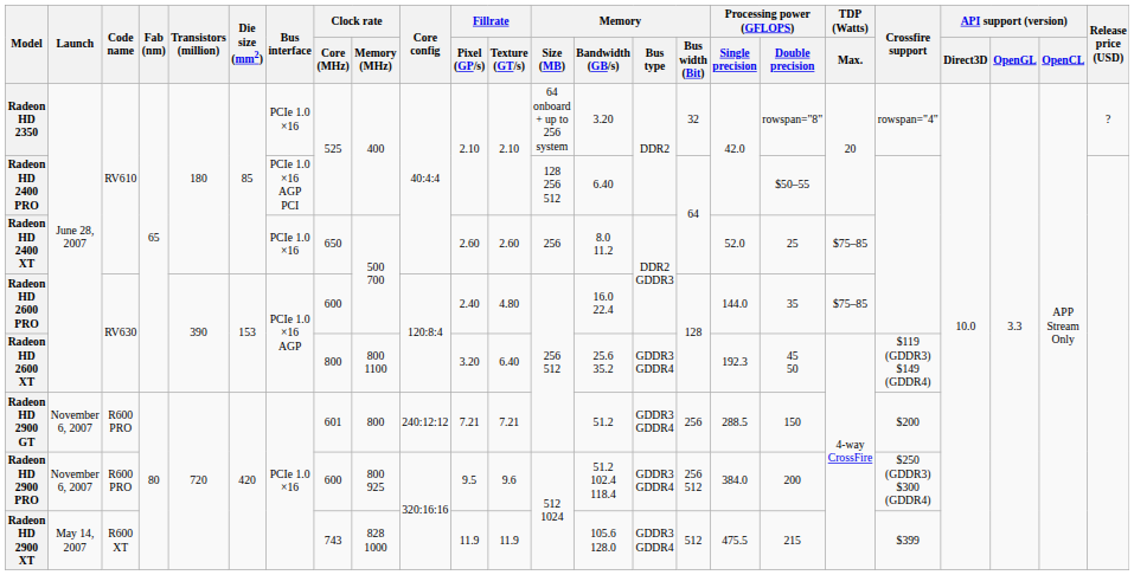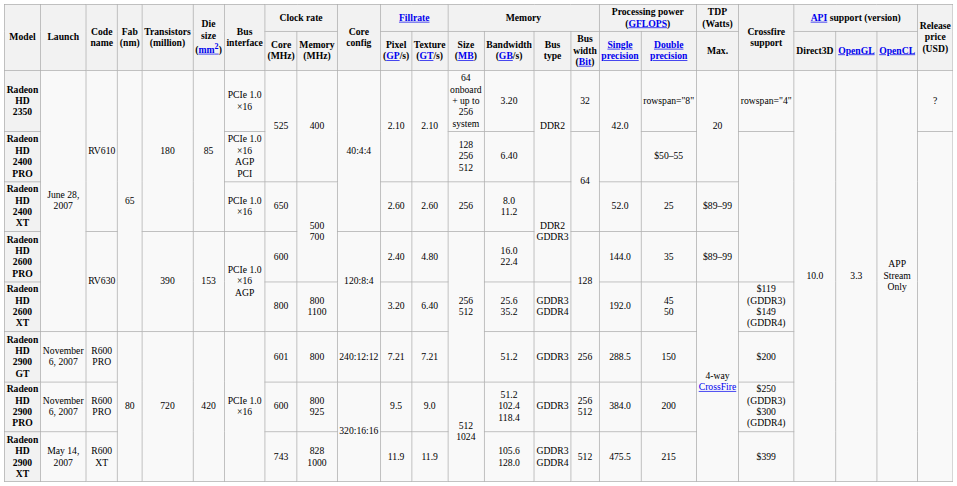 <table class="mw-datatable wikitable sortable sort-under" style="font-size:85%; text-align:center;">
 <tr>
 <th rowspan="2">Model</th>
 <th rowspan="2">Launch</th>
 <th rowspan="2">Code name</th>
 <th rowspan="2">Fab (nm)</th>
 <th rowspan="2">Transistors (million)</th>
 <th rowspan="2">Die size (<a href='#'>mm<sup>2</sup></a>)</th>
 <th rowspan="2">Bus interface</th>
 <th colspan="2">Clock rate</th>
 <th rowspan="2">Core config</th>
 <th colspan="2"><a href='#'>Fillrate</a></th>
 <th colspan="4">Memory</th>
 <th colspan="2">Processing power<br>(<a href='#'>GFLOPS</a>)</th>
 <th>TDP (Watts)</th>
 <th rowspan="2">Crossfire support</th>
 <th colspan="3"><a href='#'>API</a> support (version)</th>
 <th rowspan="2">Release price (USD)</th>
 </tr>
 <tr>
 <th>Core (MHz)</th>
 <th>Memory (MHz)</th>
 <th>Pixel (<a href='#'>GP</a>/s)</th>
 <th>Texture (<a href='#'>GT</a>/s)</th>
 <th>Size (<a href='#'>MB</a>)</th>
 <th>Bandwidth (<a href='#'>GB</a>/s)</th>
 <th>Bus type</th>
 <th>Bus width (<a href='#'>Bit</a>)</th>
 <th><a href='#'>Single precision</a></th>
 <th><a href='#'>Double precision</a></th>
 <th>Max.</th>
 <th>Direct3D</th>
 <th><a href='#'>OpenGL</a></th>
 <th><a href='#'>OpenCL</a></th>
 </tr>
 <tr>
 <th>Radeon HD 2350</th>
 <td rowspan="5">June 28, 2007</td>
 <td rowspan="3">RV610</td>
 <td rowspan="5">65</td>
 <td rowspan="3">180</td>
 <td rowspan="3">85</td>
 <td>PCIe 1.0 ×16</td>
 <td rowspan="2">525</td>
 <td rowspan="2">400</td>
 <td rowspan="3">40:4:4</td>
 <td rowspan="2">2.10</td>
 <td rowspan="2">2.10</td>
 <td>64 onboard + up to 256 system</td>
 <td>3.20</td>
 <td rowspan="2">DDR2</td>
 <td>32</td>
 <td rowspan="2">42.0</td>
 <td>rowspan="8" </td>
 <td rowspan="2">20</td>
 <td>rowspan="4" </td>
 <td rowspan="8">10.0</td>
 <td rowspan="8">3.3</td>
 <td rowspan="8">APP Stream Only</td>
 <td>?</td>
 </tr>
 <tr>
 <th>Radeon HD 2400 PRO</th>
 <td>PCIe 1.0 ×16<br>AGP<br>PCI</td>
 <td>128<br>256<br>512</td>
 <td>6.40</td>
 <td rowspan="2">64</td>
 <td>$50–55</td>
 </tr>
 <tr>
 <th>Radeon HD 2400 XT</th>
 <td>PCIe 1.0 ×16</td>
 <td>650</td>
 <td rowspan="2">500<br>700</td>
 <td>2.60</td>
 <td>2.60</td>
 <td>256</td>
 <td>8.0<br>11.2</td>
 <td rowspan="2">DDR2<br>GDDR3</td>
 <td>52.0</td>
 <td>25</td>
-<td>$75–85</td>
+<td>$89–99</td>
 </tr>
 <tr>
 <th>Radeon HD 2600 PRO</th>
 <td rowspan="2">RV630</td>
 <td rowspan="2">390</td>
 <td rowspan="2">153</td>
 <td rowspan="2">PCIe 1.0 ×16<br>AGP</td>
 <td>600</td>
 <td rowspan="2">120:8:4</td>
 <td>2.40</td>
 <td>4.80</td>
 <td rowspan="3">256<br>512</td>
 <td>16.0<br>22.4</td>
 <td rowspan="2">128</td>
 <td>144.0</td>
 <td>35</td>
-<td>$75–85</td>
+<td>$89–99</td>
 </tr>
 <tr>
 <th>Radeon HD 2600 XT</th>
 <td>800</td>
 <td>800<br>1100</td>
 <td>3.20</td>
 <td>6.40</td>
 <td>25.6<br>35.2</td>
 <td>GDDR3<br>GDDR4</td>
-<td>192.3</td>
+<td>192.0</td>
 <td>45<br>50</td>
 <td rowspan="4">4-way <a href='#'>CrossFire</a></td>
 <td>$119 (GDDR3) $149 (GDDR4)</td>
 </tr>
 <tr>
 <th>Radeon HD 2900 GT</th>
 <td>November 6, 2007</td>
 <td>R600 PRO</td>
 <td rowspan="3">80</td>
 <td rowspan="3">720</td>
 <td rowspan="3">420</td>
 <td rowspan="3">PCIe 1.0 ×16</td>
 <td>601</td>
 <td>800</td>
 <td>240:12:12</td>
 <td>7.21</td>
 <td>7.21</td>
 <td>51.2</td>
-<td>GDDR3<br>GDDR4</td>
+<td>GDDR3</td>
 <td>256</td>
 <td>288.5</td>
 <td>150</td>
 <td>$200</td>
 </tr>
 <tr>
 <th>Radeon HD 2900 PRO</th>
 <td>November 6, 2007</td>
 <td>R600 PRO</td>
 <td>600</td>
 <td>800<br>925</td>
 <td rowspan="2">320:16:16</td>
 <td>9.5</td>
-<td>9.6</td>
+<td>9.0</td>
 <td rowspan="2">512<br>1024</td>
 <td>51.2<br>102.4<br>118.4</td>
-<td>GDDR3<br>GDDR4</td>
+<td>GDDR3</td>
 <td>256<br>512</td>
 <td>384.0</td>
 <td>200</td>
 <td>$250 (GDDR3)<br>$300 (GDDR4)</td>
 </tr>
 <tr>
 <th>Radeon HD 2900 XT</th>
 <td>May 14, 2007</td>
 <td>R600 XT</td>
 <td>743</td>
 <td>828<br>1000</td>
 <td>11.9</td>
 <td>11.9</td>
 <td>105.6<br>128.0</td>
 <td>GDDR3<br>GDDR4</td>
 <td>512</td>
 <td>475.5</td>
 <td>215</td>
 <td>$399</td>
 </tr>
 </table>
